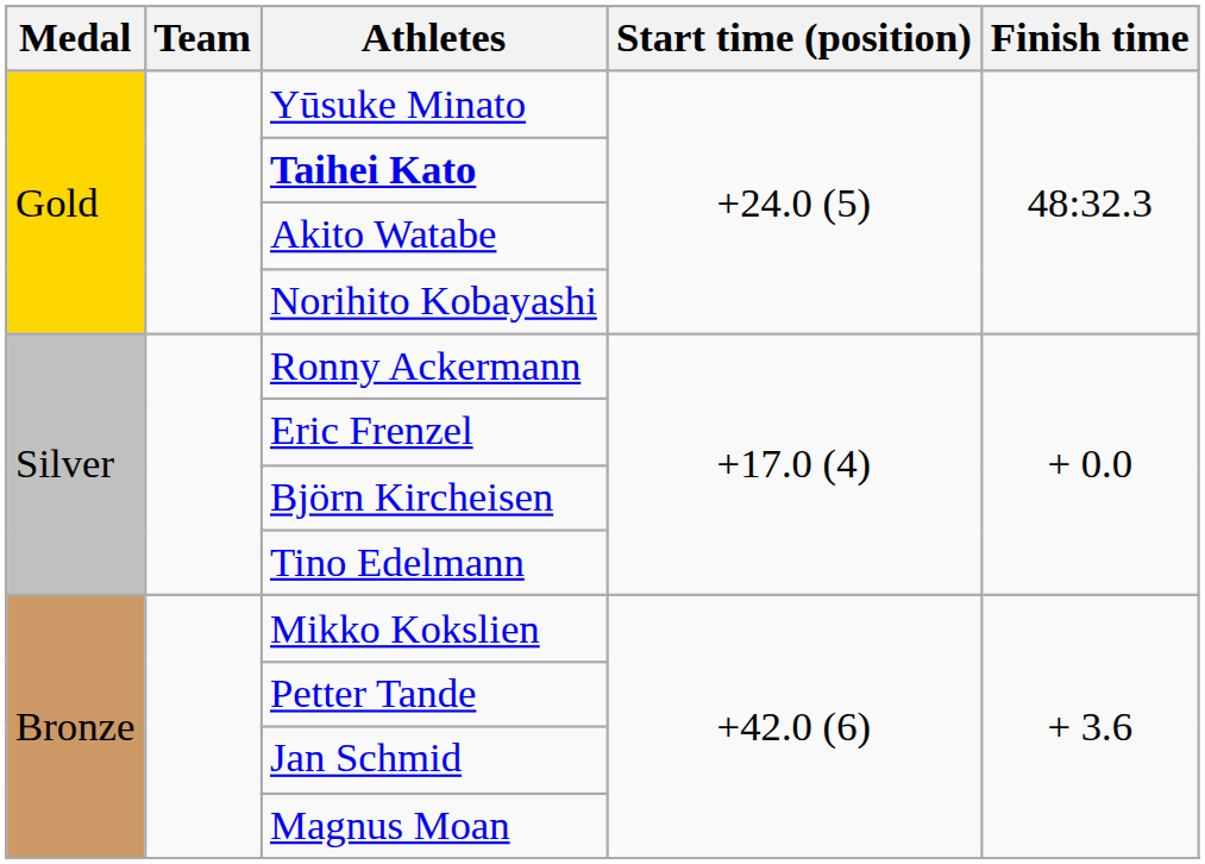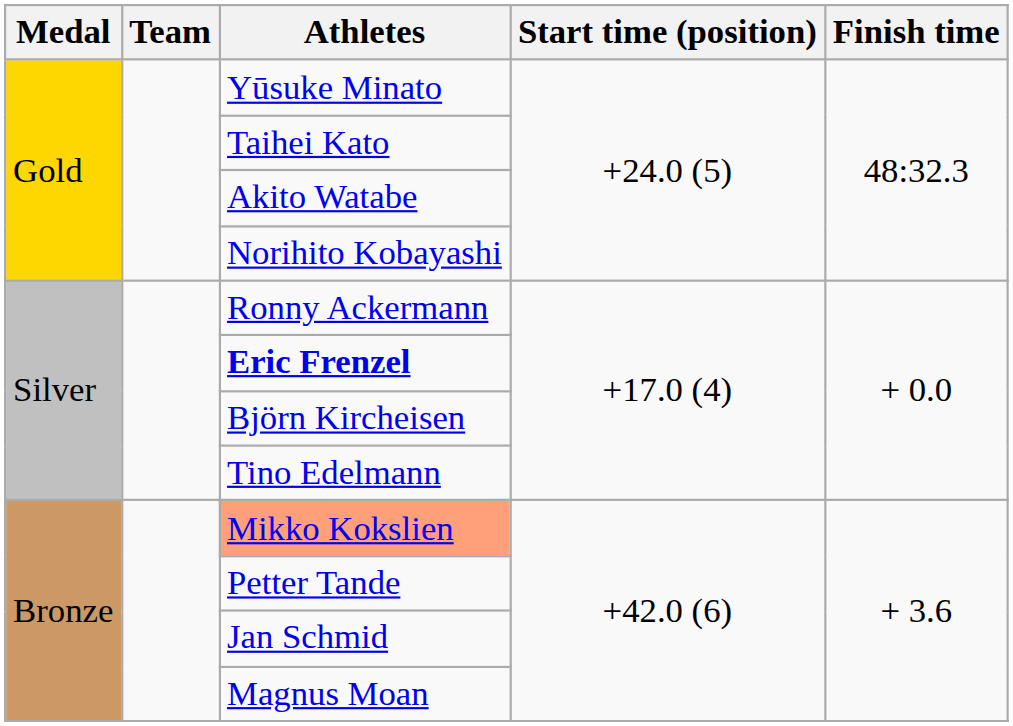 <table class="wikitable">
 <tr>
 <th align=left>Medal</th>
 <th>Team</th>
 <th>Athletes</th>
 <th align=Center>Start time (position)</th>
 <th>Finish time</th>
 </tr>
 <tr>
 <td bgcolor="gold" align=left rowspan="4">Gold</td>
 <td align=left rowspan="4"></td>
 <td align=left><a href='#'>Yūsuke Minato</a></td>
 <td align=center rowspan="4">+24.0 (5)</td>
 <td align=center rowspan="4">48:32.3</td>
 </tr>
 <tr>
-<td align=left><strong><a href='#'>Taihei Kato</a></strong></td>
+<td align=left><a href='#'>Taihei Kato</a></td>
 </tr>
 <tr>
 <td align=left><a href='#'>Akito Watabe</a></td>
 </tr>
 <tr>
 <td align=left><a href='#'>Norihito Kobayashi</a></td>
 </tr>
 <tr>
 <td bgcolor="silver" align=left rowspan="4">Silver</td>
 <td align=left rowspan="4"></td>
 <td align=left><a href='#'>Ronny Ackermann</a></td>
 <td align=center rowspan="4">+17.0 (4)</td>
 <td align=center rowspan="4">+ 0.0</td>
 </tr>
 <tr>
-<td align=left><a href='#'>Eric Frenzel</a></td>
+<td align=left><strong><a href='#'>Eric Frenzel</a></strong></td>
 </tr>
 <tr>
 <td align=left><a href='#'>Björn Kircheisen</a></td>
 </tr>
 <tr>
 <td align=left><a href='#'>Tino Edelmann</a></td>
 </tr>
 <tr>
 <td bgcolor="CC9966" align=left rowspan="4">Bronze</td>
 <td align=left rowspan="4"></td>
-<td align=left><a href='#'>Mikko Kokslien</a></td>
+<td align=left style="background: lightsalmon;"><a href='#'>Mikko Kokslien</a></td>
 <td align=center rowspan="4">+42.0 (6)</td>
 <td align=center rowspan="4">+ 3.6</td>
 </tr>
 <tr>
 <td align=left><a href='#'>Petter Tande</a></td>
 </tr>
 <tr>
 <td align=left><a href='#'>Jan Schmid</a></td>
 </tr>
 <tr>
 <td align=left><a href='#'>Magnus Moan</a></td>
 </tr>
 <tr>
 </tr>
 </table>
